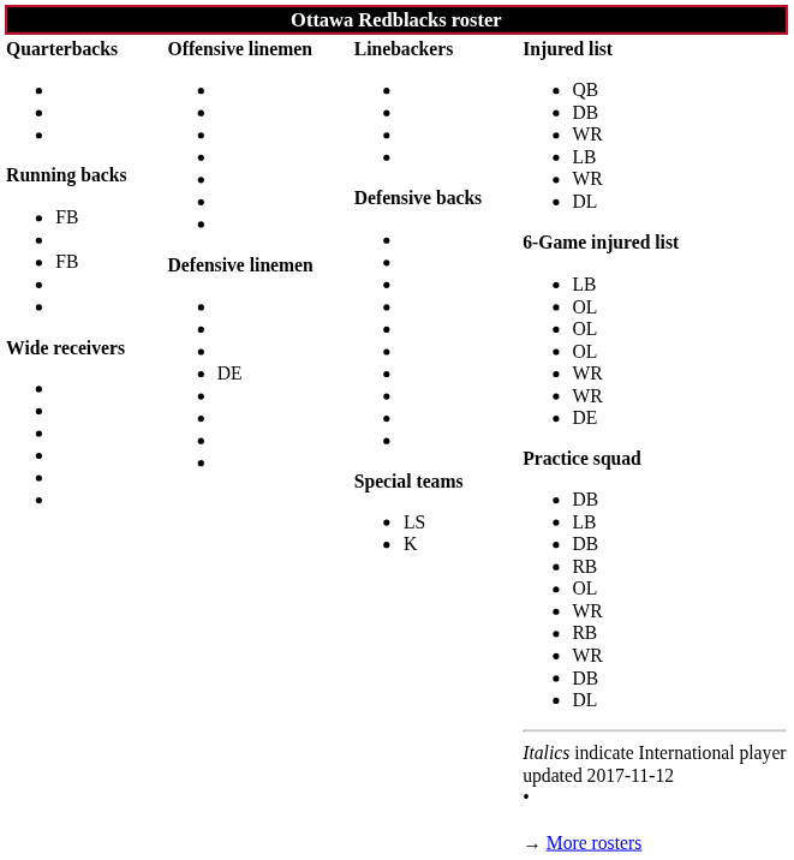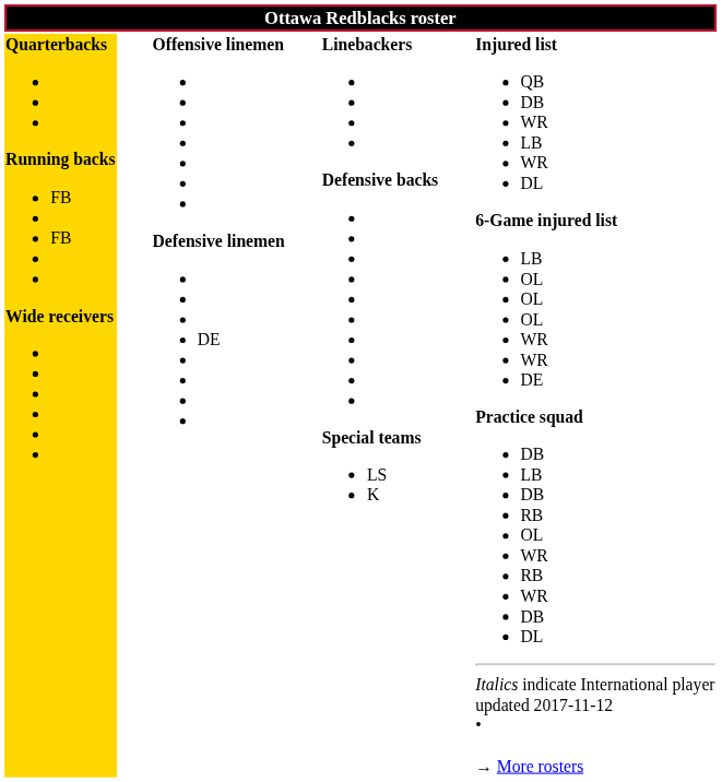 <table class="toccolours" style="text-align: left;">
 <tr>
 <th colspan="9" style="background-color: black; border:2px solid #C51230;color:white;text-align:center;">Ottawa Redblacks roster</th>
 </tr>
 <tr>
-<td style="font-size: 95%;vertical-align:top;"><strong>Quarterbacks</strong><br><ul><li></li><li></li><li></li></ul><strong>Running backs</strong><ul><li> FB</li><li></li><li> FB</li><li></li><li></li></ul><strong>Wide receivers</strong><ul><li></li><li></li><li></li><li></li><li></li><li></li></ul></td>
+<td style="background: gold; font-size: 95%;vertical-align:top;"><strong>Quarterbacks</strong><br><ul><li></li><li></li><li></li></ul><strong>Running backs</strong><ul><li> FB</li><li></li><li> FB</li><li></li><li></li></ul><strong>Wide receivers</strong><ul><li></li><li></li><li></li><li></li><li></li><li></li></ul></td>
 <td style="width: 25px;"></td>
 <td style="font-size: 95%;vertical-align:top;"><strong>Offensive linemen</strong><br><ul><li></li><li></li><li></li><li></li><li></li><li></li><li></li></ul><strong>Defensive linemen</strong><ul><li></li><li></li><li></li><li> DE</li><li></li><li></li><li></li><li></li></ul></td>
 <td style="width: 25px;"></td>
 <td style="font-size: 95%;vertical-align:top;"><strong>Linebackers </strong><br><ul><li></li><li></li><li></li><li></li></ul><strong>Defensive backs</strong><ul><li></li><li></li><li></li><li></li><li></li><li></li><li></li><li></li><li></li><li></li></ul><strong>Special teams</strong><ul><li> LS</li><li> K</li></ul></td>
 <td style="width: 25px;"></td>
 <td style="font-size: 95%;vertical-align:top;"><strong>Injured list</strong><br><ul><li> QB</li><li> DB</li><li> WR</li><li> LB</li><li> WR</li><li> DL</li></ul><strong>6-Game injured list</strong><ul><li> LB</li><li> OL</li><li> OL</li><li> OL</li><li> WR</li><li> WR</li><li> DE</li></ul><strong>Practice squad</strong><ul><li> DB</li><li> LB</li><li> DB</li><li> RB</li><li> OL</li><li> WR</li><li> RB</li><li> WR</li><li> DB</li><li> DL</li></ul><hr> <em>Italics</em> indicate International player<br> <span></span> updated 2017-11-12<br> <span></span> • <span></span><br> <br>→ <a href='#'>More rosters</a></td>
 </tr>
 <tr>
 </tr>
 </table>
